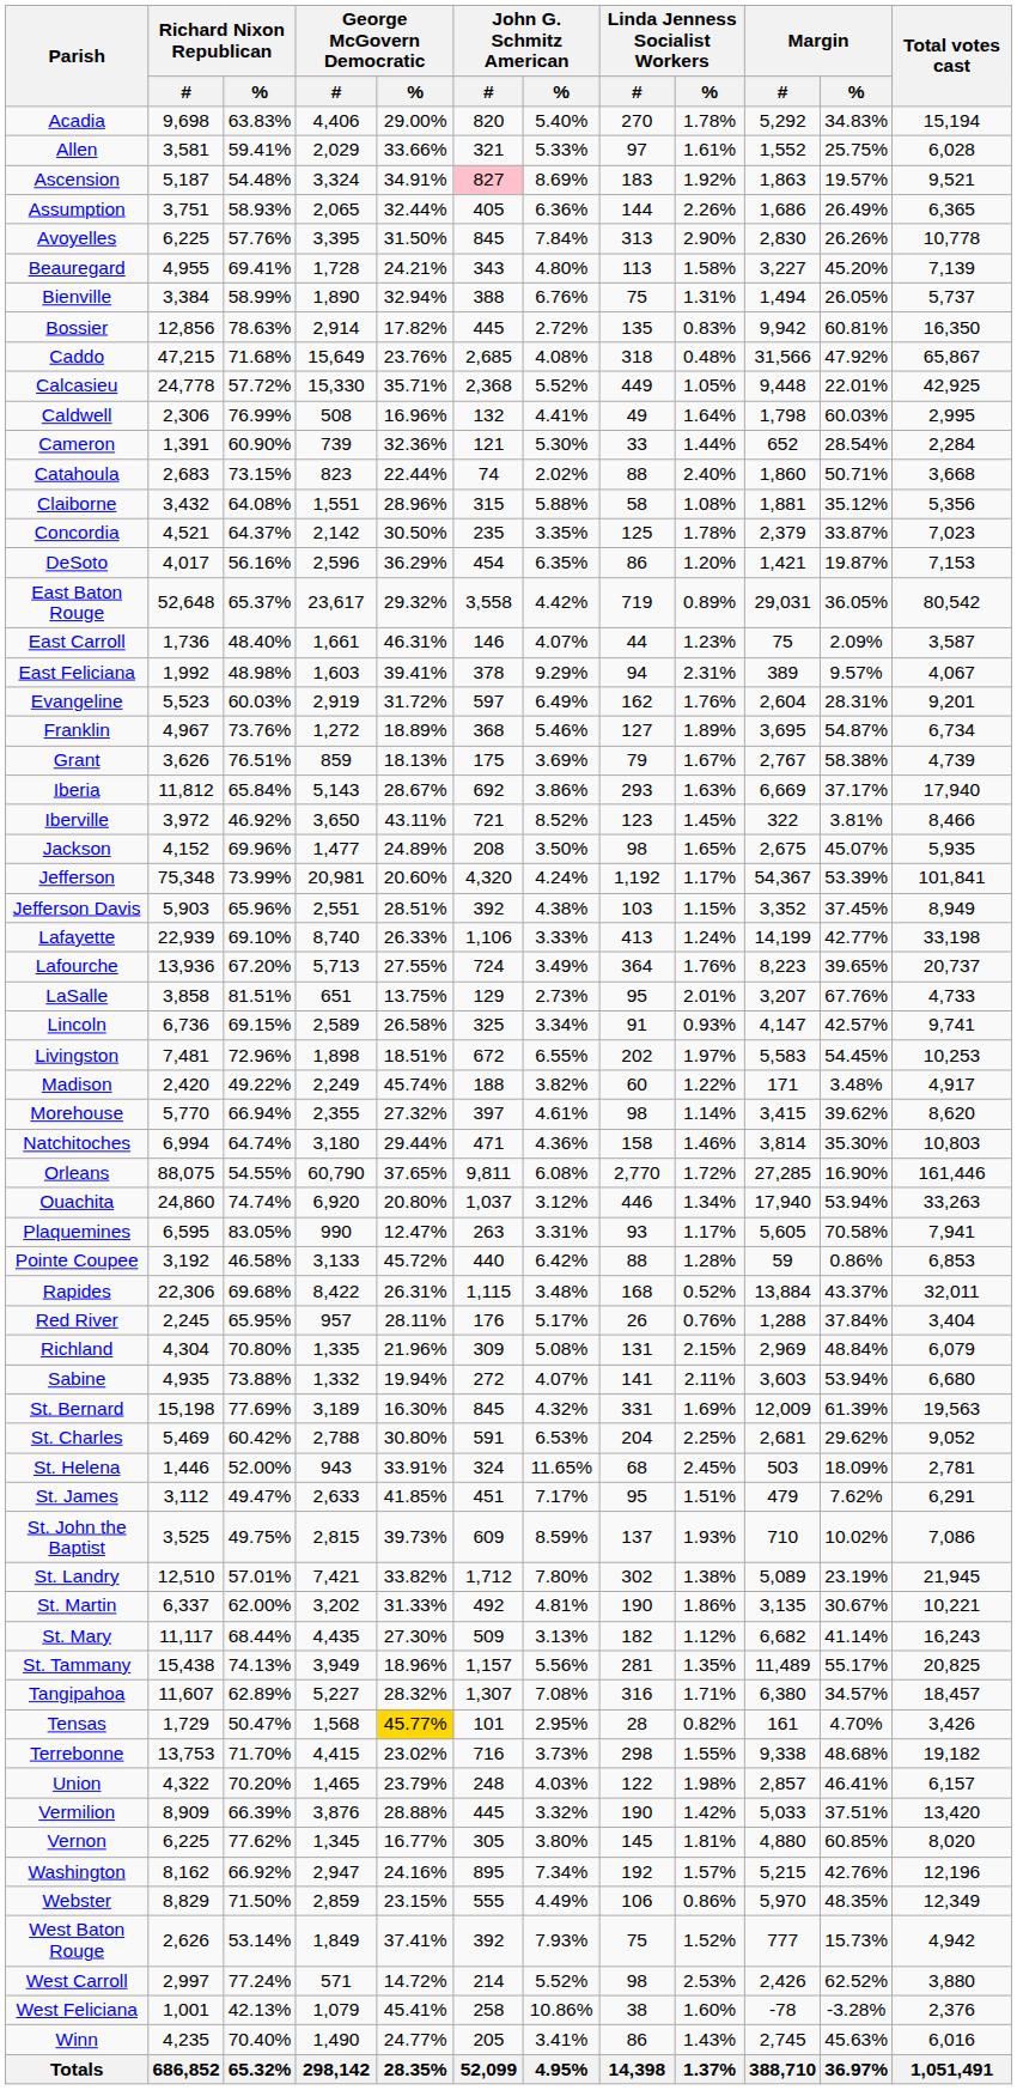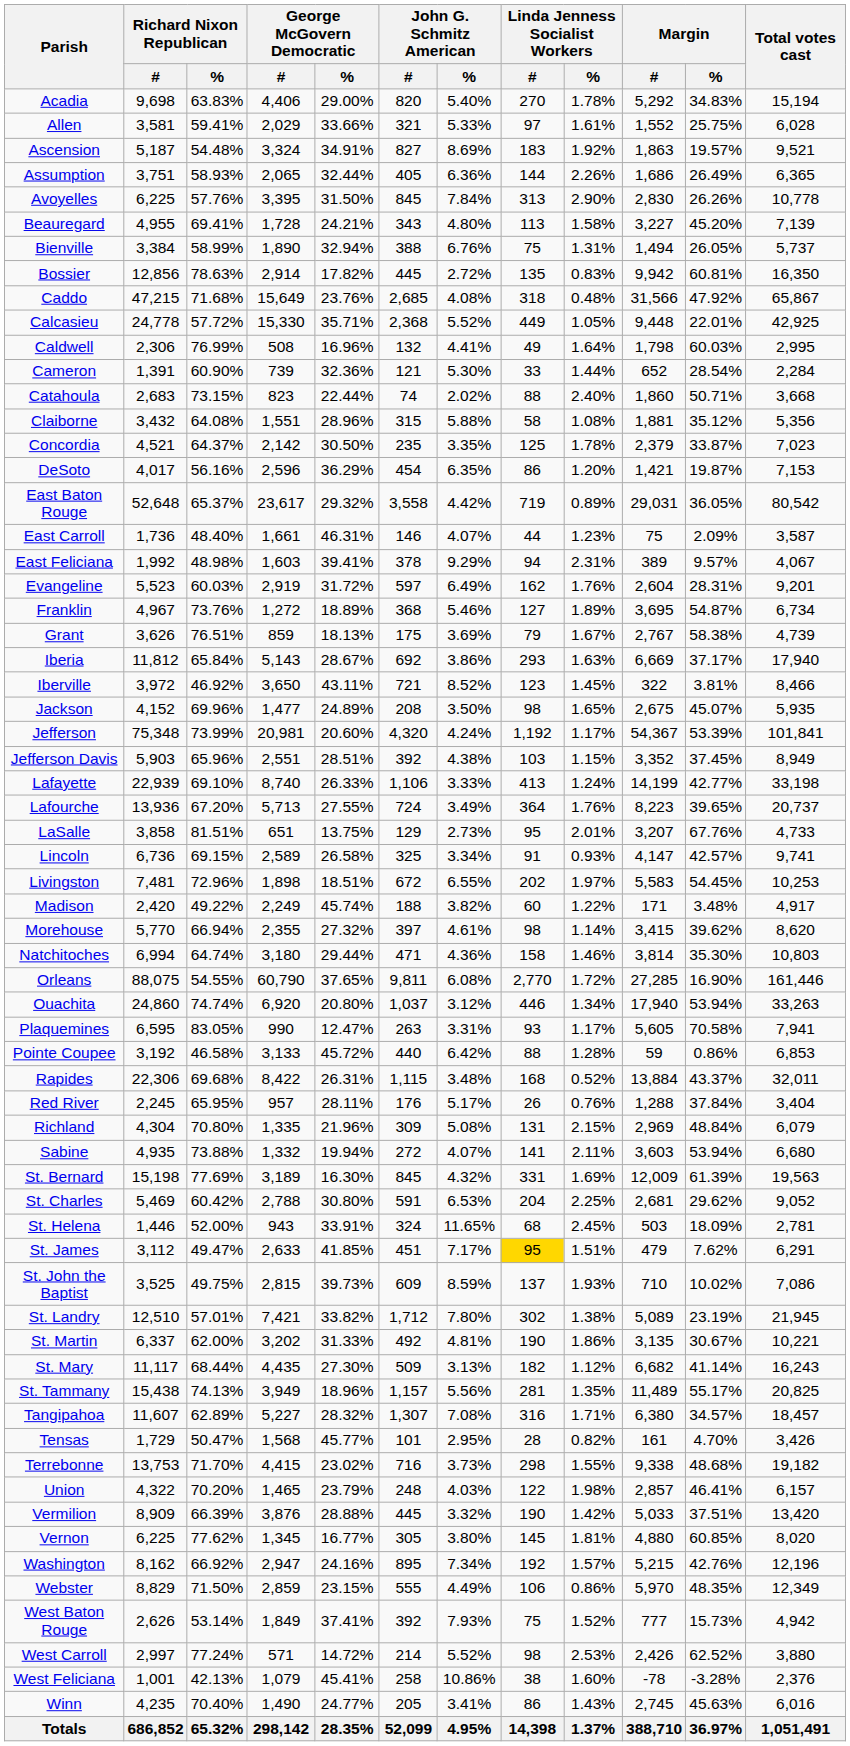 <table class="wikitable sortable">
 <tr>
 <th rowspan="2">Parish</th>
 <th colspan="2">Richard Nixon<br>Republican</th>
 <th colspan="2">George McGovern<br>Democratic</th>
 <th colspan="2">John G. Schmitz<br>American</th>
 <th colspan="2">Linda Jenness<br>Socialist Workers</th>
 <th colspan="2">Margin</th>
 <th rowspan="2">Total votes cast</th>
 </tr>
 <tr>
 <th data-sort-type="number">#</th>
 <th data-sort-type="number">%</th>
 <th data-sort-type="number">#</th>
 <th data-sort-type="number">%</th>
 <th data-sort-type="number">#</th>
 <th data-sort-type="number">%</th>
 <th data-sort-type="number">#</th>
 <th data-sort-type="number">%</th>
 <th data-sort-type="number">#</th>
 <th data-sort-type="number">%</th>
 </tr>
 <tr style="text-align:center;">
 <td><a href='#'>Acadia</a></td>
 <td>9,698</td>
 <td>63.83%</td>
 <td>4,406</td>
 <td>29.00%</td>
 <td>820</td>
 <td>5.40%</td>
 <td>270</td>
 <td>1.78%</td>
 <td>5,292</td>
 <td>34.83%</td>
 <td>15,194</td>
 </tr>
 <tr style="text-align:center;">
 <td><a href='#'>Allen</a></td>
 <td>3,581</td>
 <td>59.41%</td>
 <td>2,029</td>
 <td>33.66%</td>
 <td>321</td>
 <td>5.33%</td>
 <td>97</td>
 <td>1.61%</td>
 <td>1,552</td>
 <td>25.75%</td>
 <td>6,028</td>
 </tr>
 <tr style="text-align:center;">
 <td><a href='#'>Ascension</a></td>
 <td>5,187</td>
 <td>54.48%</td>
 <td>3,324</td>
 <td>34.91%</td>
-<td style="background: pink;">827</td>
+<td>827</td>
 <td>8.69%</td>
 <td>183</td>
 <td>1.92%</td>
 <td>1,863</td>
 <td>19.57%</td>
 <td>9,521</td>
 </tr>
 <tr style="text-align:center;">
 <td><a href='#'>Assumption</a></td>
 <td>3,751</td>
 <td>58.93%</td>
 <td>2,065</td>
 <td>32.44%</td>
 <td>405</td>
 <td>6.36%</td>
 <td>144</td>
 <td>2.26%</td>
 <td>1,686</td>
 <td>26.49%</td>
 <td>6,365</td>
 </tr>
 <tr style="text-align:center;">
 <td><a href='#'>Avoyelles</a></td>
 <td>6,225</td>
 <td>57.76%</td>
 <td>3,395</td>
 <td>31.50%</td>
 <td>845</td>
 <td>7.84%</td>
 <td>313</td>
 <td>2.90%</td>
 <td>2,830</td>
 <td>26.26%</td>
 <td>10,778</td>
 </tr>
 <tr style="text-align:center;">
 <td><a href='#'>Beauregard</a></td>
 <td>4,955</td>
 <td>69.41%</td>
 <td>1,728</td>
 <td>24.21%</td>
 <td>343</td>
 <td>4.80%</td>
 <td>113</td>
 <td>1.58%</td>
 <td>3,227</td>
 <td>45.20%</td>
 <td>7,139</td>
 </tr>
 <tr style="text-align:center;">
 <td><a href='#'>Bienville</a></td>
 <td>3,384</td>
 <td>58.99%</td>
 <td>1,890</td>
 <td>32.94%</td>
 <td>388</td>
 <td>6.76%</td>
 <td>75</td>
 <td>1.31%</td>
 <td>1,494</td>
 <td>26.05%</td>
 <td>5,737</td>
 </tr>
 <tr style="text-align:center;">
 <td><a href='#'>Bossier</a></td>
 <td>12,856</td>
 <td>78.63%</td>
 <td>2,914</td>
 <td>17.82%</td>
 <td>445</td>
 <td>2.72%</td>
 <td>135</td>
 <td>0.83%</td>
 <td>9,942</td>
 <td>60.81%</td>
 <td>16,350</td>
 </tr>
 <tr style="text-align:center;">
 <td><a href='#'>Caddo</a></td>
 <td>47,215</td>
 <td>71.68%</td>
 <td>15,649</td>
 <td>23.76%</td>
 <td>2,685</td>
 <td>4.08%</td>
 <td>318</td>
 <td>0.48%</td>
 <td>31,566</td>
 <td>47.92%</td>
 <td>65,867</td>
 </tr>
 <tr style="text-align:center;">
 <td><a href='#'>Calcasieu</a></td>
 <td>24,778</td>
 <td>57.72%</td>
 <td>15,330</td>
 <td>35.71%</td>
 <td>2,368</td>
 <td>5.52%</td>
 <td>449</td>
 <td>1.05%</td>
 <td>9,448</td>
 <td>22.01%</td>
 <td>42,925</td>
 </tr>
 <tr style="text-align:center;">
 <td><a href='#'>Caldwell</a></td>
 <td>2,306</td>
 <td>76.99%</td>
 <td>508</td>
 <td>16.96%</td>
 <td>132</td>
 <td>4.41%</td>
 <td>49</td>
 <td>1.64%</td>
 <td>1,798</td>
 <td>60.03%</td>
 <td>2,995</td>
 </tr>
 <tr style="text-align:center;">
 <td><a href='#'>Cameron</a></td>
 <td>1,391</td>
 <td>60.90%</td>
 <td>739</td>
 <td>32.36%</td>
 <td>121</td>
 <td>5.30%</td>
 <td>33</td>
 <td>1.44%</td>
 <td>652</td>
 <td>28.54%</td>
 <td>2,284</td>
 </tr>
 <tr style="text-align:center;">
 <td><a href='#'>Catahoula</a></td>
 <td>2,683</td>
 <td>73.15%</td>
 <td>823</td>
 <td>22.44%</td>
 <td>74</td>
 <td>2.02%</td>
 <td>88</td>
 <td>2.40%</td>
 <td>1,860</td>
 <td>50.71%</td>
 <td>3,668</td>
 </tr>
 <tr style="text-align:center;">
 <td><a href='#'>Claiborne</a></td>
 <td>3,432</td>
 <td>64.08%</td>
 <td>1,551</td>
 <td>28.96%</td>
 <td>315</td>
 <td>5.88%</td>
 <td>58</td>
 <td>1.08%</td>
 <td>1,881</td>
 <td>35.12%</td>
 <td>5,356</td>
 </tr>
 <tr style="text-align:center;">
 <td><a href='#'>Concordia</a></td>
 <td>4,521</td>
 <td>64.37%</td>
 <td>2,142</td>
 <td>30.50%</td>
 <td>235</td>
 <td>3.35%</td>
 <td>125</td>
 <td>1.78%</td>
 <td>2,379</td>
 <td>33.87%</td>
 <td>7,023</td>
 </tr>
 <tr style="text-align:center;">
 <td><a href='#'>DeSoto</a></td>
 <td>4,017</td>
 <td>56.16%</td>
 <td>2,596</td>
 <td>36.29%</td>
 <td>454</td>
 <td>6.35%</td>
 <td>86</td>
 <td>1.20%</td>
 <td>1,421</td>
 <td>19.87%</td>
 <td>7,153</td>
 </tr>
 <tr style="text-align:center;">
 <td><a href='#'>East Baton Rouge</a></td>
 <td>52,648</td>
 <td>65.37%</td>
 <td>23,617</td>
 <td>29.32%</td>
 <td>3,558</td>
 <td>4.42%</td>
 <td>719</td>
 <td>0.89%</td>
 <td>29,031</td>
 <td>36.05%</td>
 <td>80,542</td>
 </tr>
 <tr style="text-align:center;">
 <td><a href='#'>East Carroll</a></td>
 <td>1,736</td>
 <td>48.40%</td>
 <td>1,661</td>
 <td>46.31%</td>
 <td>146</td>
 <td>4.07%</td>
 <td>44</td>
 <td>1.23%</td>
 <td>75</td>
 <td>2.09%</td>
 <td>3,587</td>
 </tr>
 <tr style="text-align:center;">
 <td><a href='#'>East Feliciana</a></td>
 <td>1,992</td>
 <td>48.98%</td>
 <td>1,603</td>
 <td>39.41%</td>
 <td>378</td>
 <td>9.29%</td>
 <td>94</td>
 <td>2.31%</td>
 <td>389</td>
 <td>9.57%</td>
 <td>4,067</td>
 </tr>
 <tr style="text-align:center;">
 <td><a href='#'>Evangeline</a></td>
 <td>5,523</td>
 <td>60.03%</td>
 <td>2,919</td>
 <td>31.72%</td>
 <td>597</td>
 <td>6.49%</td>
 <td>162</td>
 <td>1.76%</td>
 <td>2,604</td>
 <td>28.31%</td>
 <td>9,201</td>
 </tr>
 <tr style="text-align:center;">
 <td><a href='#'>Franklin</a></td>
 <td>4,967</td>
 <td>73.76%</td>
 <td>1,272</td>
 <td>18.89%</td>
 <td>368</td>
 <td>5.46%</td>
 <td>127</td>
 <td>1.89%</td>
 <td>3,695</td>
 <td>54.87%</td>
 <td>6,734</td>
 </tr>
 <tr style="text-align:center;">
 <td><a href='#'>Grant</a></td>
 <td>3,626</td>
 <td>76.51%</td>
 <td>859</td>
 <td>18.13%</td>
 <td>175</td>
 <td>3.69%</td>
 <td>79</td>
 <td>1.67%</td>
 <td>2,767</td>
 <td>58.38%</td>
 <td>4,739</td>
 </tr>
 <tr style="text-align:center;">
 <td><a href='#'>Iberia</a></td>
 <td>11,812</td>
 <td>65.84%</td>
 <td>5,143</td>
 <td>28.67%</td>
 <td>692</td>
 <td>3.86%</td>
 <td>293</td>
 <td>1.63%</td>
 <td>6,669</td>
 <td>37.17%</td>
 <td>17,940</td>
 </tr>
 <tr style="text-align:center;">
 <td><a href='#'>Iberville</a></td>
 <td>3,972</td>
 <td>46.92%</td>
 <td>3,650</td>
 <td>43.11%</td>
 <td>721</td>
 <td>8.52%</td>
 <td>123</td>
 <td>1.45%</td>
 <td>322</td>
 <td>3.81%</td>
 <td>8,466</td>
 </tr>
 <tr style="text-align:center;">
 <td><a href='#'>Jackson</a></td>
 <td>4,152</td>
 <td>69.96%</td>
 <td>1,477</td>
 <td>24.89%</td>
 <td>208</td>
 <td>3.50%</td>
 <td>98</td>
 <td>1.65%</td>
 <td>2,675</td>
 <td>45.07%</td>
 <td>5,935</td>
 </tr>
 <tr style="text-align:center;">
 <td><a href='#'>Jefferson</a></td>
 <td>75,348</td>
 <td>73.99%</td>
 <td>20,981</td>
 <td>20.60%</td>
 <td>4,320</td>
 <td>4.24%</td>
 <td>1,192</td>
 <td>1.17%</td>
 <td>54,367</td>
 <td>53.39%</td>
 <td>101,841</td>
 </tr>
 <tr style="text-align:center;">
 <td><a href='#'>Jefferson Davis</a></td>
 <td>5,903</td>
 <td>65.96%</td>
 <td>2,551</td>
 <td>28.51%</td>
 <td>392</td>
 <td>4.38%</td>
 <td>103</td>
 <td>1.15%</td>
 <td>3,352</td>
 <td>37.45%</td>
 <td>8,949</td>
 </tr>
 <tr style="text-align:center;">
 <td><a href='#'>Lafayette</a></td>
 <td>22,939</td>
 <td>69.10%</td>
 <td>8,740</td>
 <td>26.33%</td>
 <td>1,106</td>
 <td>3.33%</td>
 <td>413</td>
 <td>1.24%</td>
 <td>14,199</td>
 <td>42.77%</td>
 <td>33,198</td>
 </tr>
 <tr style="text-align:center;">
 <td><a href='#'>Lafourche</a></td>
 <td>13,936</td>
 <td>67.20%</td>
 <td>5,713</td>
 <td>27.55%</td>
 <td>724</td>
 <td>3.49%</td>
 <td>364</td>
 <td>1.76%</td>
 <td>8,223</td>
 <td>39.65%</td>
 <td>20,737</td>
 </tr>
 <tr style="text-align:center;">
 <td><a href='#'>LaSalle</a></td>
 <td>3,858</td>
 <td>81.51%</td>
 <td>651</td>
 <td>13.75%</td>
 <td>129</td>
 <td>2.73%</td>
 <td>95</td>
 <td>2.01%</td>
 <td>3,207</td>
 <td>67.76%</td>
 <td>4,733</td>
 </tr>
 <tr style="text-align:center;">
 <td><a href='#'>Lincoln</a></td>
 <td>6,736</td>
 <td>69.15%</td>
 <td>2,589</td>
 <td>26.58%</td>
 <td>325</td>
 <td>3.34%</td>
 <td>91</td>
 <td>0.93%</td>
 <td>4,147</td>
 <td>42.57%</td>
 <td>9,741</td>
 </tr>
 <tr style="text-align:center;">
 <td><a href='#'>Livingston</a></td>
 <td>7,481</td>
 <td>72.96%</td>
 <td>1,898</td>
 <td>18.51%</td>
 <td>672</td>
 <td>6.55%</td>
 <td>202</td>
 <td>1.97%</td>
 <td>5,583</td>
 <td>54.45%</td>
 <td>10,253</td>
 </tr>
 <tr style="text-align:center;">
 <td><a href='#'>Madison</a></td>
 <td>2,420</td>
 <td>49.22%</td>
 <td>2,249</td>
 <td>45.74%</td>
 <td>188</td>
 <td>3.82%</td>
 <td>60</td>
 <td>1.22%</td>
 <td>171</td>
 <td>3.48%</td>
 <td>4,917</td>
 </tr>
 <tr style="text-align:center;">
 <td><a href='#'>Morehouse</a></td>
 <td>5,770</td>
 <td>66.94%</td>
 <td>2,355</td>
 <td>27.32%</td>
 <td>397</td>
 <td>4.61%</td>
 <td>98</td>
 <td>1.14%</td>
 <td>3,415</td>
 <td>39.62%</td>
 <td>8,620</td>
 </tr>
 <tr style="text-align:center;">
 <td><a href='#'>Natchitoches</a></td>
 <td>6,994</td>
 <td>64.74%</td>
 <td>3,180</td>
 <td>29.44%</td>
 <td>471</td>
 <td>4.36%</td>
 <td>158</td>
 <td>1.46%</td>
 <td>3,814</td>
 <td>35.30%</td>
 <td>10,803</td>
 </tr>
 <tr style="text-align:center;">
 <td><a href='#'>Orleans</a></td>
 <td>88,075</td>
 <td>54.55%</td>
 <td>60,790</td>
 <td>37.65%</td>
 <td>9,811</td>
 <td>6.08%</td>
 <td>2,770</td>
 <td>1.72%</td>
 <td>27,285</td>
 <td>16.90%</td>
 <td>161,446</td>
 </tr>
 <tr style="text-align:center;">
 <td><a href='#'>Ouachita</a></td>
 <td>24,860</td>
 <td>74.74%</td>
 <td>6,920</td>
 <td>20.80%</td>
 <td>1,037</td>
 <td>3.12%</td>
 <td>446</td>
 <td>1.34%</td>
 <td>17,940</td>
 <td>53.94%</td>
 <td>33,263</td>
 </tr>
 <tr style="text-align:center;">
 <td><a href='#'>Plaquemines</a></td>
 <td>6,595</td>
 <td>83.05%</td>
 <td>990</td>
 <td>12.47%</td>
 <td>263</td>
 <td>3.31%</td>
 <td>93</td>
 <td>1.17%</td>
 <td>5,605</td>
 <td>70.58%</td>
 <td>7,941</td>
 </tr>
 <tr style="text-align:center;">
 <td><a href='#'>Pointe Coupee</a></td>
 <td>3,192</td>
 <td>46.58%</td>
 <td>3,133</td>
 <td>45.72%</td>
 <td>440</td>
 <td>6.42%</td>
 <td>88</td>
 <td>1.28%</td>
 <td>59</td>
 <td>0.86%</td>
 <td>6,853</td>
 </tr>
 <tr style="text-align:center;">
 <td><a href='#'>Rapides</a></td>
 <td>22,306</td>
 <td>69.68%</td>
 <td>8,422</td>
 <td>26.31%</td>
 <td>1,115</td>
 <td>3.48%</td>
 <td>168</td>
 <td>0.52%</td>
 <td>13,884</td>
 <td>43.37%</td>
 <td>32,011</td>
 </tr>
 <tr style="text-align:center;">
 <td><a href='#'>Red River</a></td>
 <td>2,245</td>
 <td>65.95%</td>
 <td>957</td>
 <td>28.11%</td>
 <td>176</td>
 <td>5.17%</td>
 <td>26</td>
 <td>0.76%</td>
 <td>1,288</td>
 <td>37.84%</td>
 <td>3,404</td>
 </tr>
 <tr style="text-align:center;">
 <td><a href='#'>Richland</a></td>
 <td>4,304</td>
 <td>70.80%</td>
 <td>1,335</td>
 <td>21.96%</td>
 <td>309</td>
 <td>5.08%</td>
 <td>131</td>
 <td>2.15%</td>
 <td>2,969</td>
 <td>48.84%</td>
 <td>6,079</td>
 </tr>
 <tr style="text-align:center;">
 <td><a href='#'>Sabine</a></td>
 <td>4,935</td>
 <td>73.88%</td>
 <td>1,332</td>
 <td>19.94%</td>
 <td>272</td>
 <td>4.07%</td>
 <td>141</td>
 <td>2.11%</td>
 <td>3,603</td>
 <td>53.94%</td>
 <td>6,680</td>
 </tr>
 <tr style="text-align:center;">
 <td><a href='#'>St. Bernard</a></td>
 <td>15,198</td>
 <td>77.69%</td>
 <td>3,189</td>
 <td>16.30%</td>
 <td>845</td>
 <td>4.32%</td>
 <td>331</td>
 <td>1.69%</td>
 <td>12,009</td>
 <td>61.39%</td>
 <td>19,563</td>
 </tr>
 <tr style="text-align:center;">
 <td><a href='#'>St. Charles</a></td>
 <td>5,469</td>
 <td>60.42%</td>
 <td>2,788</td>
 <td>30.80%</td>
 <td>591</td>
 <td>6.53%</td>
 <td>204</td>
 <td>2.25%</td>
 <td>2,681</td>
 <td>29.62%</td>
 <td>9,052</td>
 </tr>
 <tr style="text-align:center;">
 <td><a href='#'>St. Helena</a></td>
 <td>1,446</td>
 <td>52.00%</td>
 <td>943</td>
 <td>33.91%</td>
 <td>324</td>
 <td>11.65%</td>
 <td>68</td>
 <td>2.45%</td>
 <td>503</td>
 <td>18.09%</td>
 <td>2,781</td>
 </tr>
 <tr style="text-align:center;">
 <td><a href='#'>St. James</a></td>
 <td>3,112</td>
 <td>49.47%</td>
 <td>2,633</td>
 <td>41.85%</td>
 <td>451</td>
 <td>7.17%</td>
-<td>95</td>
+<td style="background: gold;">95</td>
 <td>1.51%</td>
 <td>479</td>
 <td>7.62%</td>
 <td>6,291</td>
 </tr>
 <tr style="text-align:center;">
 <td><a href='#'>St. John the Baptist</a></td>
 <td>3,525</td>
 <td>49.75%</td>
 <td>2,815</td>
 <td>39.73%</td>
 <td>609</td>
 <td>8.59%</td>
 <td>137</td>
 <td>1.93%</td>
 <td>710</td>
 <td>10.02%</td>
 <td>7,086</td>
 </tr>
 <tr style="text-align:center;">
 <td><a href='#'>St. Landry</a></td>
 <td>12,510</td>
 <td>57.01%</td>
 <td>7,421</td>
 <td>33.82%</td>
 <td>1,712</td>
 <td>7.80%</td>
 <td>302</td>
 <td>1.38%</td>
 <td>5,089</td>
 <td>23.19%</td>
 <td>21,945</td>
 </tr>
 <tr style="text-align:center;">
 <td><a href='#'>St. Martin</a></td>
 <td>6,337</td>
 <td>62.00%</td>
 <td>3,202</td>
 <td>31.33%</td>
 <td>492</td>
 <td>4.81%</td>
 <td>190</td>
 <td>1.86%</td>
 <td>3,135</td>
 <td>30.67%</td>
 <td>10,221</td>
 </tr>
 <tr style="text-align:center;">
 <td><a href='#'>St. Mary</a></td>
 <td>11,117</td>
 <td>68.44%</td>
 <td>4,435</td>
 <td>27.30%</td>
 <td>509</td>
 <td>3.13%</td>
 <td>182</td>
 <td>1.12%</td>
 <td>6,682</td>
 <td>41.14%</td>
 <td>16,243</td>
 </tr>
 <tr style="text-align:center;">
 <td><a href='#'>St. Tammany</a></td>
 <td>15,438</td>
 <td>74.13%</td>
 <td>3,949</td>
 <td>18.96%</td>
 <td>1,157</td>
 <td>5.56%</td>
 <td>281</td>
 <td>1.35%</td>
 <td>11,489</td>
 <td>55.17%</td>
 <td>20,825</td>
 </tr>
 <tr style="text-align:center;">
 <td><a href='#'>Tangipahoa</a></td>
 <td>11,607</td>
 <td>62.89%</td>
 <td>5,227</td>
 <td>28.32%</td>
 <td>1,307</td>
 <td>7.08%</td>
 <td>316</td>
 <td>1.71%</td>
 <td>6,380</td>
 <td>34.57%</td>
 <td>18,457</td>
 </tr>
 <tr style="text-align:center;">
 <td><a href='#'>Tensas</a></td>
 <td>1,729</td>
 <td>50.47%</td>
 <td>1,568</td>
-<td style="background: gold;">45.77%</td>
+<td>45.77%</td>
 <td>101</td>
 <td>2.95%</td>
 <td>28</td>
 <td>0.82%</td>
 <td>161</td>
 <td>4.70%</td>
 <td>3,426</td>
 </tr>
 <tr style="text-align:center;">
 <td><a href='#'>Terrebonne</a></td>
 <td>13,753</td>
 <td>71.70%</td>
 <td>4,415</td>
 <td>23.02%</td>
 <td>716</td>
 <td>3.73%</td>
 <td>298</td>
 <td>1.55%</td>
 <td>9,338</td>
 <td>48.68%</td>
 <td>19,182</td>
 </tr>
 <tr style="text-align:center;">
 <td><a href='#'>Union</a></td>
 <td>4,322</td>
 <td>70.20%</td>
 <td>1,465</td>
 <td>23.79%</td>
 <td>248</td>
 <td>4.03%</td>
 <td>122</td>
 <td>1.98%</td>
 <td>2,857</td>
 <td>46.41%</td>
 <td>6,157</td>
 </tr>
 <tr style="text-align:center;">
 <td><a href='#'>Vermilion</a></td>
 <td>8,909</td>
 <td>66.39%</td>
 <td>3,876</td>
 <td>28.88%</td>
 <td>445</td>
 <td>3.32%</td>
 <td>190</td>
 <td>1.42%</td>
 <td>5,033</td>
 <td>37.51%</td>
 <td>13,420</td>
 </tr>
 <tr style="text-align:center;">
 <td><a href='#'>Vernon</a></td>
 <td>6,225</td>
 <td>77.62%</td>
 <td>1,345</td>
 <td>16.77%</td>
 <td>305</td>
 <td>3.80%</td>
 <td>145</td>
 <td>1.81%</td>
 <td>4,880</td>
 <td>60.85%</td>
 <td>8,020</td>
 </tr>
 <tr style="text-align:center;">
 <td><a href='#'>Washington</a></td>
 <td>8,162</td>
 <td>66.92%</td>
 <td>2,947</td>
 <td>24.16%</td>
 <td>895</td>
 <td>7.34%</td>
 <td>192</td>
 <td>1.57%</td>
 <td>5,215</td>
 <td>42.76%</td>
 <td>12,196</td>
 </tr>
 <tr style="text-align:center;">
 <td><a href='#'>Webster</a></td>
 <td>8,829</td>
 <td>71.50%</td>
 <td>2,859</td>
 <td>23.15%</td>
 <td>555</td>
 <td>4.49%</td>
 <td>106</td>
 <td>0.86%</td>
 <td>5,970</td>
 <td>48.35%</td>
 <td>12,349</td>
 </tr>
 <tr style="text-align:center;">
 <td><a href='#'>West Baton Rouge</a></td>
 <td>2,626</td>
 <td>53.14%</td>
 <td>1,849</td>
 <td>37.41%</td>
 <td>392</td>
 <td>7.93%</td>
 <td>75</td>
 <td>1.52%</td>
 <td>777</td>
 <td>15.73%</td>
 <td>4,942</td>
 </tr>
 <tr style="text-align:center;">
 <td><a href='#'>West Carroll</a></td>
 <td>2,997</td>
 <td>77.24%</td>
 <td>571</td>
 <td>14.72%</td>
 <td>214</td>
 <td>5.52%</td>
 <td>98</td>
 <td>2.53%</td>
 <td>2,426</td>
 <td>62.52%</td>
 <td>3,880</td>
 </tr>
 <tr style="text-align:center;">
 <td><a href='#'>West Feliciana</a></td>
 <td>1,001</td>
 <td>42.13%</td>
 <td>1,079</td>
 <td>45.41%</td>
 <td>258</td>
 <td>10.86%</td>
 <td>38</td>
 <td>1.60%</td>
 <td>-78</td>
 <td>-3.28%</td>
 <td>2,376</td>
 </tr>
 <tr style="text-align:center;">
 <td><a href='#'>Winn</a></td>
 <td>4,235</td>
 <td>70.40%</td>
 <td>1,490</td>
 <td>24.77%</td>
 <td>205</td>
 <td>3.41%</td>
 <td>86</td>
 <td>1.43%</td>
 <td>2,745</td>
 <td>45.63%</td>
 <td>6,016</td>
 </tr>
 <tr style="text-align:center;">
 <th>Totals</th>
 <th>686,852</th>
 <th>65.32%</th>
 <th>298,142</th>
 <th>28.35%</th>
 <th>52,099</th>
 <th>4.95%</th>
 <th>14,398</th>
 <th>1.37%</th>
 <th>388,710</th>
 <th>36.97%</th>
 <th>1,051,491</th>
 </tr>
 </table>
